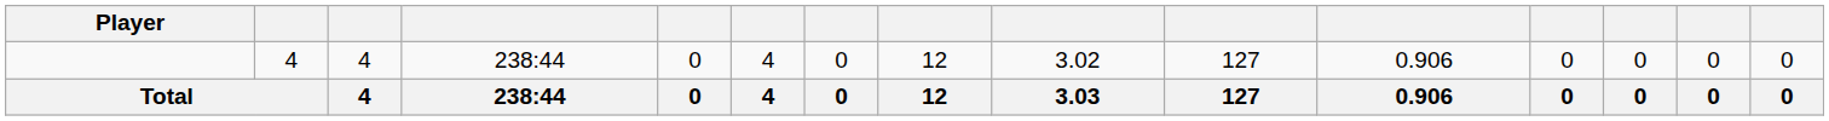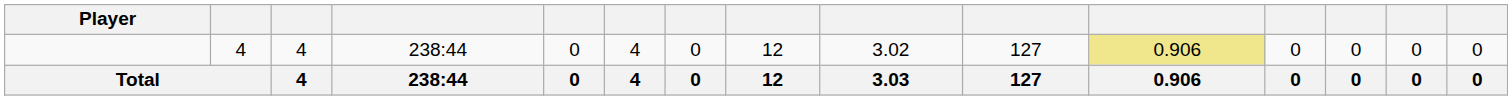 <table class="wikitable sortable" style="width:100%; text-align:center;">
 <tr>
 <th>Player</th>
 <th></th>
 <th></th>
 <th></th>
 <th></th>
 <th></th>
 <th></th>
 <th></th>
 <th></th>
 <th></th>
 <th></th>
 <th></th>
 <th></th>
 <th></th>
 <th></th>
 </tr>
 <tr>
 <td></td>
 <td>4</td>
 <td>4</td>
 <td>238:44</td>
 <td>0</td>
 <td>4</td>
 <td>0</td>
 <td>12</td>
 <td>3.02</td>
 <td>127</td>
-<td>0.906</td>
+<td style="background: khaki;">0.906</td>
 <td>0</td>
 <td>0</td>
 <td>0</td>
 <td>0</td>
 </tr>
 <tr class="sortbottom">
 <th colspan=2>Total</th>
 <th>4</th>
 <th>238:44</th>
 <th>0</th>
 <th>4</th>
 <th>0</th>
 <th>12</th>
 <th>3.03</th>
 <th>127</th>
 <th>0.906</th>
 <th>0</th>
 <th>0</th>
 <th>0</th>
 <th>0</th>
 </tr>
 </table>
